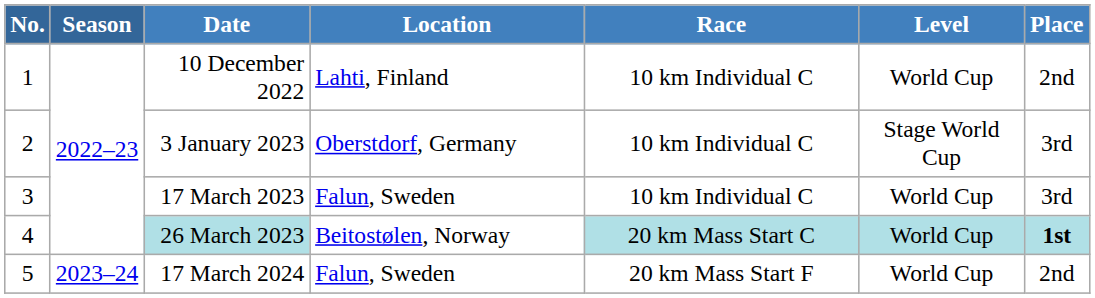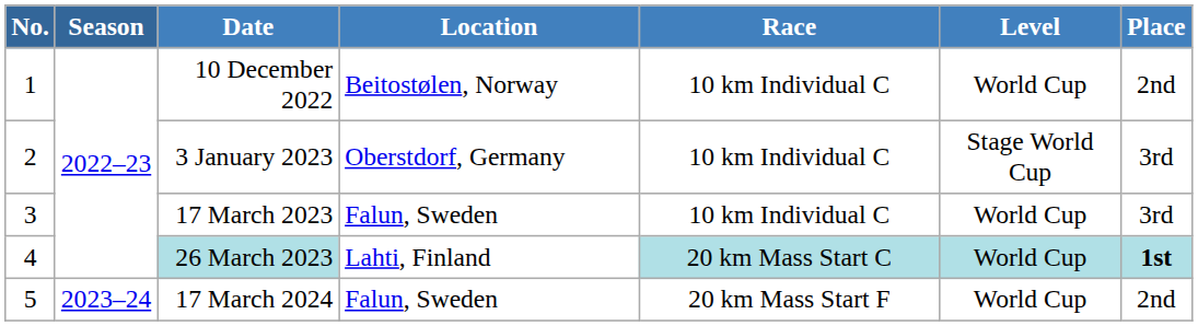 <table class="wikitable sortable" style="font-size:95%; text-align:center; border:grey solid 1px; border-collapse:collapse; background:#ffffff;">
 <tr style="background:#efefef;">
 <th style="background-color:#369; color:white;">No.</th>
 <th style="background-color:#369; color:white;">Season</th>
 <th style="background-color:#4180be; color:white; width:100px;">Date</th>
 <th style="background-color:#4180be; color:white; width:170px;">Location</th>
 <th style="background-color:#4180be; color:white; width:170px;">Race</th>
 <th style="background-color:#4180be; color:white; width:100px;">Level</th>
 <th style="background-color:#4180be; color:white;">Place</th>
 </tr>
 <tr>
 <td align=center>1</td>
 <td align=center rowspan=4><a href='#'>2022–23</a></td>
 <td align=right>10 December 2022</td>
-<td align=left> <a href='#'>Lahti</a>, Finland</td>
+<td align=left> <a href='#'>Beitostølen</a>, Norway</td>
 <td>10 km Individual C</td>
 <td>World Cup</td>
 <td>2nd</td>
 </tr>
 <tr>
 <td align=center>2</td>
 <td align=right>3 January 2023</td>
 <td align=left> <a href='#'>Oberstdorf</a>, Germany</td>
 <td>10 km Individual C</td>
 <td>Stage World Cup</td>
 <td>3rd</td>
 </tr>
 <tr>
 <td align=center>3</td>
 <td align=right>17 March 2023</td>
 <td align=left> <a href='#'>Falun</a>, Sweden</td>
 <td>10 km Individual C</td>
 <td>World Cup</td>
 <td>3rd</td>
 </tr>
 <tr>
 <td align=center>4</td>
 <td bgcolor="#BOEOE6" align=right>26 March 2023</td>
-<td align=left> <a href='#'>Beitostølen</a>, Norway</td>
+<td align=left> <a href='#'>Lahti</a>, Finland</td>
 <td bgcolor="#BOEOE6">20 km Mass Start C</td>
 <td bgcolor="#BOEOE6">World Cup</td>
 <td bgcolor="#BOEOE6"><strong>1st</strong></td>
 </tr>
 <tr>
 <td align=center>5</td>
 <td align=cente><a href='#'>2023–24</a></td>
 <td align=right>17 March 2024</td>
 <td align=left> <a href='#'>Falun</a>, Sweden</td>
 <td>20 km Mass Start F</td>
 <td>World Cup</td>
 <td>2nd</td>
 </tr>
 </table>
